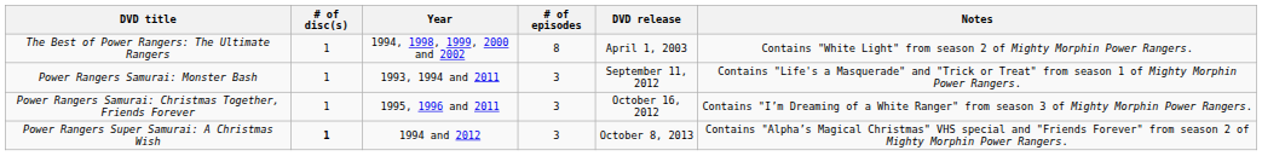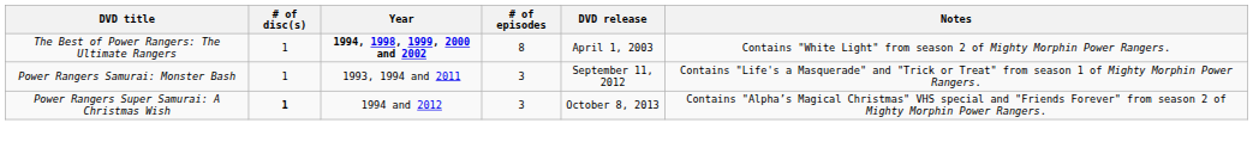 <table class="wikitable"  style="width:99%; left:0 auto; text-align:center;">
 <tr>
 <th>DVD title</th>
 <th># of disc(s)</th>
 <th>Year</th>
 <th># of episodes</th>
 <th>DVD release</th>
 <th>Notes</th>
 </tr>
 <tr>
 <td><em>The Best of Power Rangers: The Ultimate Rangers</em></td>
 <td>1</td>
-<td>1994, <a href='#'>1998</a>, <a href='#'>1999</a>, <a href='#'>2000</a> and <a href='#'>2002</a></td>
+<td><strong>1994, <a href='#'>1998</a>, <a href='#'>1999</a>, <a href='#'>2000</a> and <a href='#'>2002</a></strong></td>
 <td>8</td>
 <td>April 1, 2003</td>
 <td>Contains "White Light" from season 2 of <em>Mighty Morphin Power Rangers</em>.</td>
 </tr>
 <tr>
 <td><em>Power Rangers Samurai: Monster Bash</em></td>
 <td>1</td>
 <td>1993, 1994 and <a href='#'>2011</a></td>
 <td>3</td>
 <td>September 11, 2012</td>
 <td>Contains "Life's a Masquerade" and "Trick or Treat" from season 1 of <em>Mighty Morphin Power Rangers</em>.</td>
 </tr>
 <tr>
-<td><em>Power Rangers Samurai: Christmas Together, Friends Forever</em></td>
-<td>1</td>
-<td>1995, <a href='#'>1996</a> and <a href='#'>2011</a></td>
-<td>3</td>
-<td>October 16, 2012</td>
-<td>Contains "I’m Dreaming of a White Ranger" from season 3 of <em>Mighty Morphin Power Rangers</em>.</td>
-</tr>
-<tr>
 <td><em>Power Rangers Super Samurai: A Christmas Wish</em></td>
 <td><strong>1</strong></td>
 <td>1994 and <a href='#'>2012</a></td>
 <td>3</td>
 <td>October 8, 2013</td>
 <td>Contains "Alpha’s Magical Christmas" VHS special and "Friends Forever" from season 2 of <em>Mighty Morphin Power Rangers</em>.</td>
 </tr>
 </table>
